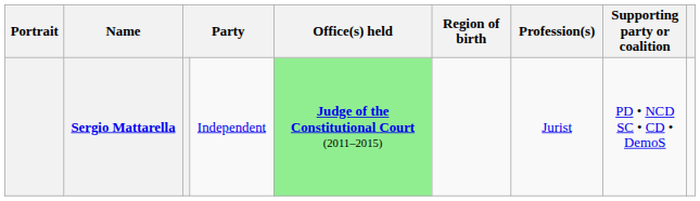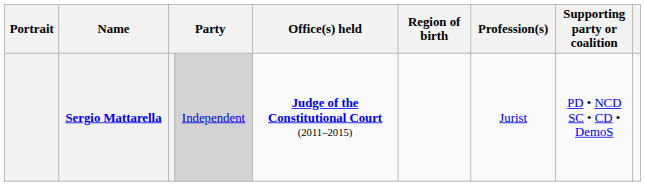 <table class="wikitable" style="text-align:center; style=" width="90%">
 <tr>
 <th width="5%">Portrait</th>
 <th width="15%">Name</th>
 <th colspan="2" width=10%>Party</th>
 <th width="20%">Office(s) held</th>
 <th width="10%">Region of birth</th>
 <th width="10%">Profession(s)</th>
 <th width="10%">Supporting party or coalition</th>
 <th width="1%"></th>
 </tr>
 <tr style="height:10em;">
 <th></th>
 <th style="font-weight:normal"><strong><a href='#'>Sergio Mattarella</a></strong><br></th>
 <th style="background-color:"></th>
-<td><a href='#'>Independent</a></td>
-<td style="background: lightgreen;"><strong><a href='#'>Judge of the Constitutional Court</a></strong><br><small>(2011–2015)</small><br></td>
+<td style="background: lightgrey;"><a href='#'>Independent</a></td>
+<td><strong><a href='#'>Judge of the Constitutional Court</a></strong><br><small>(2011–2015)</small><br></td>
 <td></td>
 <td><a href='#'>Jurist</a></td>
 <td><a href='#'>PD</a> • <a href='#'>NCD</a><br><a href='#'>SC</a> • <a href='#'>CD</a> • <a href='#'>DemoS</a></td>
 <td><br></td>
 </tr>
 </table>
